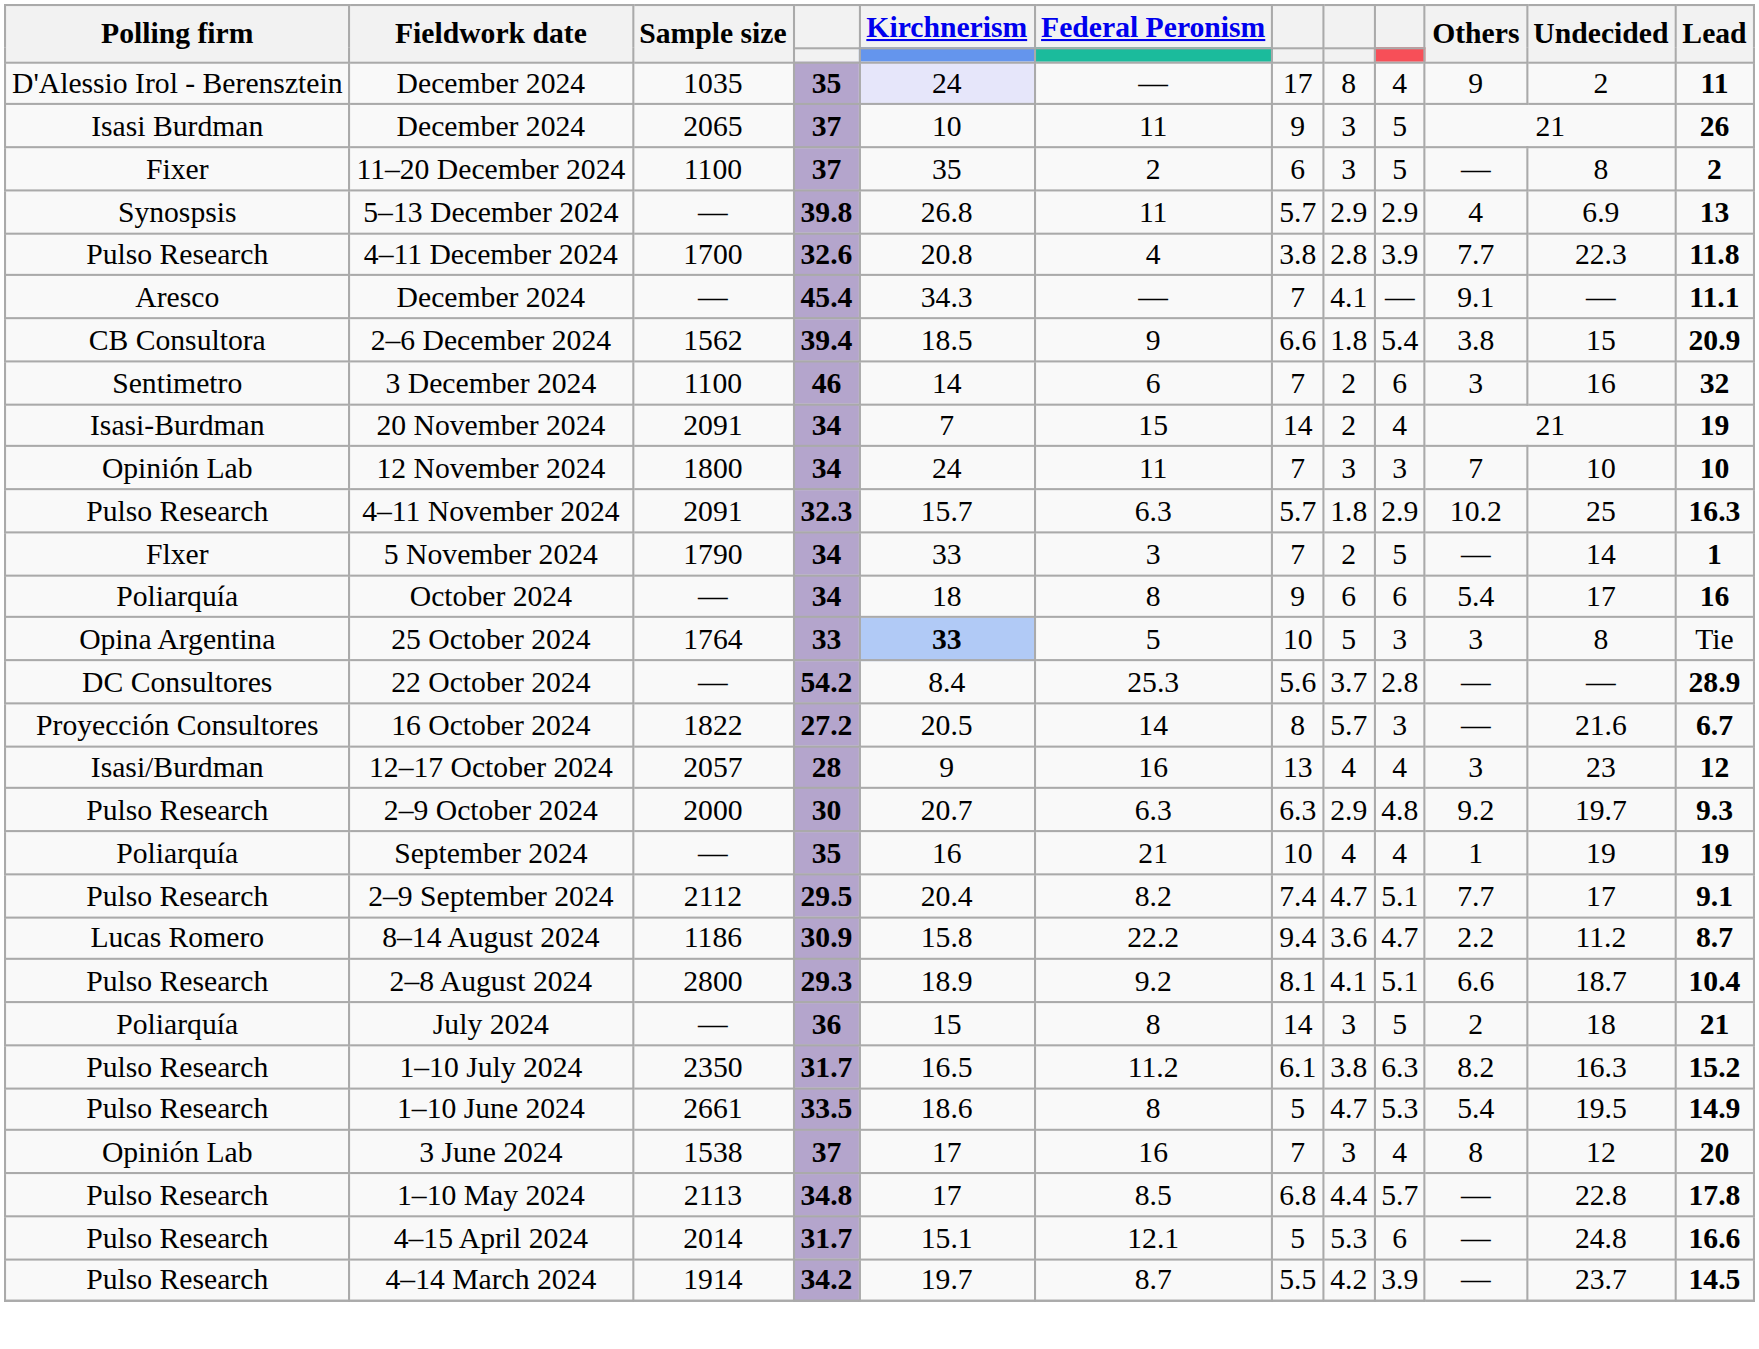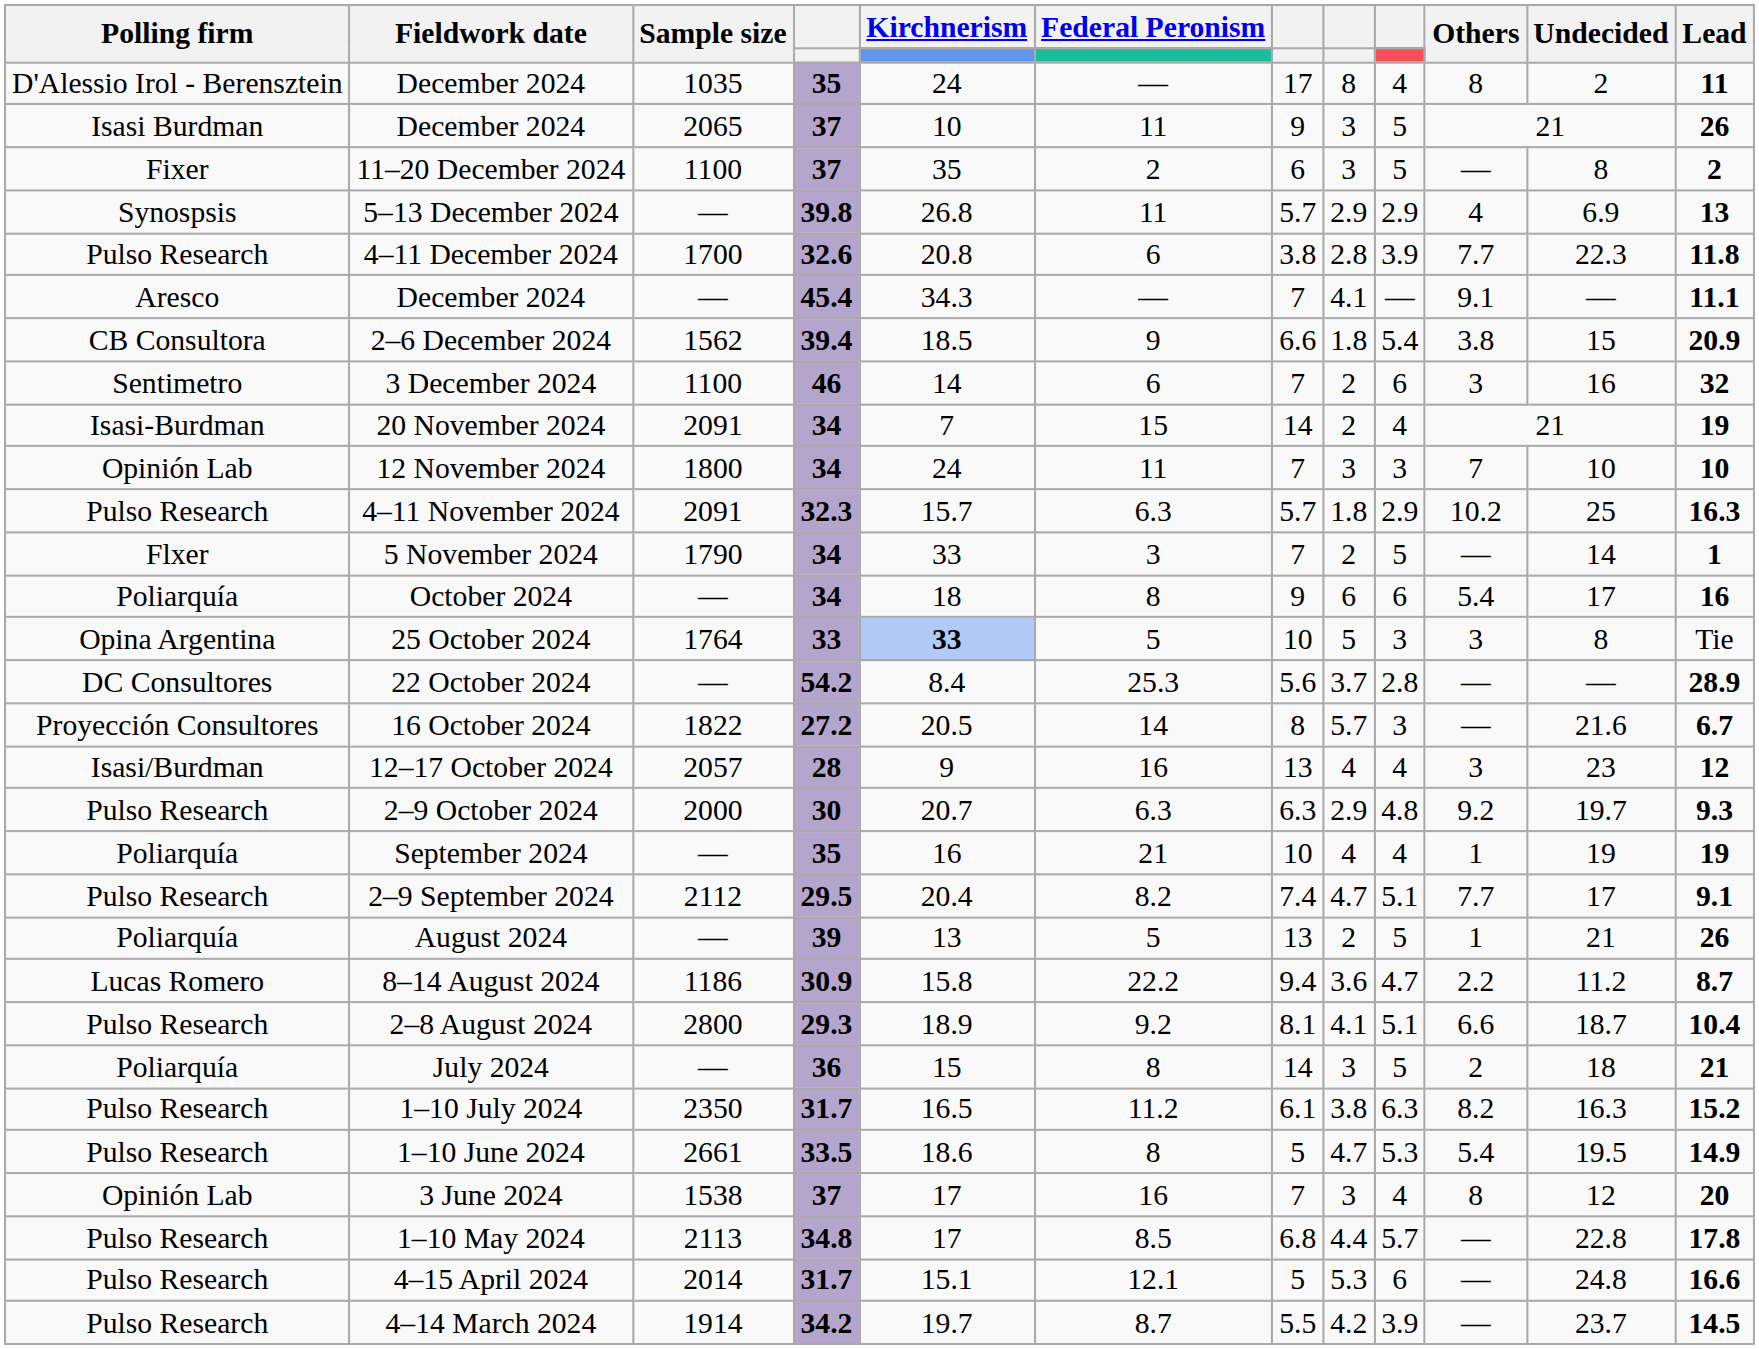 <table class="wikitable sortable" style="text-align:center;font-size:90%;line-height:14px;">
 <tr>
 <th rowspan="2">Polling firm</th>
 <th rowspan="2">Fieldwork date</th>
 <th rowspan="2">Sample size</th>
 <th></th>
 <th><a href='#'>Kirchnerism</a></th>
 <th><a href='#'>Federal Peronism</a></th>
 <th></th>
 <th></th>
 <th></th>
 <th rowspan="2" style="width:25px;">Others</th>
 <th rowspan="2">Undecided</th>
 <th rowspan="2">Lead</th>
 </tr>
 <tr>
 <th data-sort-type="number" style="background:"></th>
 <th data-sort-type="number" style="background:#6495ED;"></th>
 <th data-sort-type="number" style="background:#1bbb9c;"></th>
 <th data-sort-type="number" style="background:"></th>
 <th data-sort-type="number" style="background:"></th>
 <th data-sort-type="number" style="background:#f74f58;"></th>
 </tr>
 <tr>
 <td>D'Alessio  Irol - Berensztein</td>
 <td>December 2024</td>
 <td>1035</td>
 <td style="background:#B4A5CC;"><strong>35</strong></td>
-<td style="background: lavender;">24</td>
+<td>24</td>
 <td>—</td>
 <td>17</td>
 <td>8</td>
 <td>4</td>
-<td>9</td>
+<td>8</td>
 <td>2</td>
 <td style="background:"><strong>11</strong></td>
 </tr>
 <tr>
 <td>Isasi  Burdman</td>
 <td>December 2024</td>
 <td>2065</td>
 <td style="background:#B4A5CC;"><strong>37</strong></td>
 <td>10</td>
 <td>11</td>
 <td>9</td>
 <td>3</td>
 <td>5</td>
 <td colspan="2">21</td>
 <td style="background:"><strong>26</strong></td>
 </tr>
 <tr>
 <td>Fixer</td>
 <td>11–20 December 2024</td>
 <td>1100</td>
 <td style="background:#B4A5CC;"><strong>37</strong></td>
 <td>35</td>
 <td>2</td>
 <td>6</td>
 <td>3</td>
 <td>5</td>
 <td>—</td>
 <td>8</td>
 <td style="background:"><strong>2</strong></td>
 </tr>
 <tr>
 <td>Synospsis</td>
 <td>5–13 December 2024</td>
 <td>—</td>
 <td style="background:#B4A5CC;"><strong>39.8</strong></td>
 <td>26.8</td>
 <td>11</td>
 <td>5.7</td>
 <td>2.9</td>
 <td>2.9</td>
 <td>4</td>
 <td>6.9</td>
 <td style="background:"><strong>13</strong></td>
 </tr>
 <tr>
 <td>Pulso  Research</td>
 <td>4–11 December 2024</td>
 <td>1700</td>
 <td style="background:#B4A5CC;"><strong>32.6</strong></td>
 <td>20.8</td>
-<td>4</td>
+<td>6</td>
 <td>3.8</td>
 <td>2.8</td>
 <td>3.9</td>
 <td>7.7</td>
 <td>22.3</td>
 <td style="background:"><strong>11.8</strong></td>
 </tr>
 <tr>
 <td>Aresco</td>
 <td>December 2024</td>
 <td>—</td>
 <td style="background:#B4A5CC;"><strong>45.4</strong></td>
 <td>34.3</td>
 <td>—</td>
 <td>7</td>
 <td>4.1</td>
 <td>—</td>
 <td>9.1</td>
 <td>—</td>
 <td style="background:"><strong>11.1</strong></td>
 </tr>
 <tr>
 <td>CB  Consultora</td>
 <td>2–6 December 2024</td>
 <td>1562</td>
 <td style="background:#B4A5CC;"><strong>39.4</strong></td>
 <td>18.5</td>
 <td>9</td>
 <td>6.6</td>
 <td>1.8</td>
 <td>5.4</td>
 <td>3.8</td>
 <td>15</td>
 <td style="background:"><strong>20.9</strong></td>
 </tr>
 <tr>
 <td>Sentimetro</td>
 <td>3 December 2024</td>
 <td>1100</td>
 <td style="background:#B4A5CC;"><strong>46</strong></td>
 <td>14</td>
 <td>6</td>
 <td>7</td>
 <td>2</td>
 <td>6</td>
 <td>3</td>
 <td>16</td>
 <td style="background:"><strong>32</strong></td>
 </tr>
 <tr>
 <td>Isasi-Burdman</td>
 <td>20 November 2024</td>
 <td>2091</td>
 <td style="background:#B4A5CC;"><strong>34</strong></td>
 <td>7</td>
 <td>15</td>
 <td>14</td>
 <td>2</td>
 <td>4</td>
 <td colspan="2">21</td>
 <td style="background:"><strong>19</strong></td>
 </tr>
 <tr>
 <td>Opinión  Lab</td>
 <td>12 November 2024</td>
 <td>1800</td>
 <td style="background:#B4A5CC;"><strong>34</strong></td>
 <td>24</td>
 <td>11</td>
 <td>7</td>
 <td>3</td>
 <td>3</td>
 <td>7</td>
 <td>10</td>
 <td style="background:"><strong>10</strong></td>
 </tr>
 <tr>
 <td>Pulso  Research</td>
 <td>4–11 November 2024</td>
 <td>2091</td>
 <td style="background:#B4A5CC;"><strong>32.3</strong></td>
 <td>15.7</td>
 <td>6.3</td>
 <td>5.7</td>
 <td>1.8</td>
 <td>2.9</td>
 <td>10.2</td>
 <td>25</td>
 <td style="background:"><strong>16.3</strong></td>
 </tr>
 <tr>
 <td>Flxer</td>
 <td>5 November 2024</td>
 <td>1790</td>
 <td style="background:#B4A5CC;"><strong>34</strong></td>
 <td>33</td>
 <td>3</td>
 <td>7</td>
 <td>2</td>
 <td>5</td>
 <td>—</td>
 <td>14</td>
 <td style="background:"><strong>1</strong></td>
 </tr>
 <tr>
 <td>Poliarquía</td>
 <td>October 2024</td>
 <td>—</td>
 <td style="background:#B4A5CC;"><strong>34</strong></td>
 <td>18</td>
 <td>8</td>
 <td>9</td>
 <td>6</td>
 <td>6</td>
 <td>5.4</td>
 <td>17</td>
 <td style="background:"><strong>16</strong></td>
 </tr>
 <tr>
 <td>Opina  Argentina</td>
 <td>25 October 2024</td>
 <td>1764</td>
 <td style="background:#B4A5CC;"><strong>33</strong></td>
 <td style="background:#B1CAF6;"><strong>33</strong></td>
 <td>5</td>
 <td>10</td>
 <td>5</td>
 <td>3</td>
 <td>3</td>
 <td>8</td>
 <td>Tie</td>
 </tr>
 <tr>
 <td>DC  Consultores</td>
 <td>22 October 2024</td>
 <td>—</td>
 <td style="background:#B4A5CC;"><strong>54.2</strong></td>
 <td>8.4</td>
 <td>25.3</td>
 <td>5.6</td>
 <td>3.7</td>
 <td>2.8</td>
 <td>—</td>
 <td>—</td>
 <td style="background:"><strong>28.9</strong></td>
 </tr>
 <tr>
 <td>Proyección  Consultores</td>
 <td>16 October 2024</td>
 <td>1822</td>
 <td style="background:#B4A5CC;"><strong>27.2</strong></td>
 <td>20.5</td>
 <td>14</td>
 <td>8</td>
 <td>5.7</td>
 <td>3</td>
 <td>—</td>
 <td>21.6</td>
 <td style="background:"><strong>6.7</strong></td>
 </tr>
 <tr>
 <td>Isasi/Burdman</td>
 <td>12–17 October 2024</td>
 <td>2057</td>
 <td style="background:#B4A5CC;"><strong>28</strong></td>
 <td>9</td>
 <td>16</td>
 <td>13</td>
 <td>4</td>
 <td>4</td>
 <td>3</td>
 <td>23</td>
 <td style="background:"><strong>12</strong></td>
 </tr>
 <tr>
 <td>Pulso  Research</td>
 <td>2–9 October 2024</td>
 <td>2000</td>
 <td style="background:#B4A5CC;"><strong>30</strong></td>
 <td>20.7</td>
 <td>6.3</td>
 <td>6.3</td>
 <td>2.9</td>
 <td>4.8</td>
 <td>9.2</td>
 <td>19.7</td>
 <td style="background:"><strong>9.3</strong></td>
 </tr>
 <tr>
 <td>Poliarquía</td>
 <td>September 2024</td>
 <td>—</td>
 <td style="background:#B4A5CC;"><strong>35</strong></td>
 <td>16</td>
 <td>21</td>
 <td>10</td>
 <td>4</td>
 <td>4</td>
 <td>1</td>
 <td>19</td>
 <td style="background:"><strong>19</strong></td>
 </tr>
 <tr>
 <td>Pulso  Research</td>
 <td>2–9 September 2024</td>
 <td>2112</td>
 <td style="background:#B4A5CC;"><strong>29.5</strong></td>
 <td>20.4</td>
 <td>8.2</td>
 <td>7.4</td>
 <td>4.7</td>
 <td>5.1</td>
 <td>7.7</td>
 <td>17</td>
 <td style="background:"><strong>9.1</strong></td>
 </tr>
 <tr>
+<td>Poliarquía</td>
+<td>August 2024</td>
+<td>—</td>
+<td style="background:#B4A5CC;"><strong>39</strong></td>
+<td>13</td>
+<td>5</td>
+<td>13</td>
+<td>2</td>
+<td>5</td>
+<td>1</td>
+<td>21</td>
+<td style="background:"><strong>26</strong></td>
+</tr>
+<tr>
 <td>Lucas  Romero</td>
 <td>8–14 August 2024</td>
 <td>1186</td>
 <td style="background:#B4A5CC;"><strong>30.9</strong></td>
 <td>15.8</td>
 <td>22.2</td>
 <td>9.4</td>
 <td>3.6</td>
 <td>4.7</td>
 <td>2.2</td>
 <td>11.2</td>
 <td style="background:"><strong>8.7</strong></td>
 </tr>
 <tr>
 <td>Pulso  Research</td>
 <td>2–8 August 2024</td>
 <td>2800</td>
 <td style="background:#B4A5CC;"><strong>29.3</strong></td>
 <td>18.9</td>
 <td>9.2</td>
 <td>8.1</td>
 <td>4.1</td>
 <td>5.1</td>
 <td>6.6</td>
 <td>18.7</td>
 <td style="background:"><strong>10.4</strong></td>
 </tr>
 <tr>
 <td>Poliarquía</td>
 <td>July 2024</td>
 <td>—</td>
 <td style="background:#B4A5CC;"><strong>36</strong></td>
 <td>15</td>
 <td>8</td>
 <td>14</td>
 <td>3</td>
 <td>5</td>
 <td>2</td>
 <td>18</td>
 <td style="background:"><strong>21</strong></td>
 </tr>
 <tr>
 <td>Pulso  Research</td>
 <td>1–10 July 2024</td>
 <td>2350</td>
 <td style="background:#B4A5CC;"><strong>31.7</strong></td>
 <td>16.5</td>
 <td>11.2</td>
 <td>6.1</td>
 <td>3.8</td>
 <td>6.3</td>
 <td>8.2</td>
 <td>16.3</td>
 <td style="background:"><strong>15.2</strong></td>
 </tr>
 <tr>
 <td>Pulso  Research</td>
 <td>1–10 June 2024</td>
 <td>2661</td>
 <td style="background:#B4A5CC;"><strong>33.5</strong></td>
 <td>18.6</td>
 <td>8</td>
 <td>5</td>
 <td>4.7</td>
 <td>5.3</td>
 <td>5.4</td>
 <td>19.5</td>
 <td style="background:"><strong>14.9</strong></td>
 </tr>
 <tr>
 <td>Opinión  Lab</td>
 <td>3 June 2024</td>
 <td>1538</td>
 <td style="background:#B4A5CC;"><strong>37</strong></td>
 <td>17</td>
 <td>16</td>
 <td>7</td>
 <td>3</td>
 <td>4</td>
 <td>8</td>
 <td>12</td>
 <td style="background:"><strong>20</strong></td>
 </tr>
 <tr>
 <td>Pulso  Research</td>
 <td>1–10 May 2024</td>
 <td>2113</td>
 <td style="background:#B4A5CC;"><strong>34.8</strong></td>
 <td>17</td>
 <td>8.5</td>
 <td>6.8</td>
 <td>4.4</td>
 <td>5.7</td>
 <td>—</td>
 <td>22.8</td>
 <td style="background:"><strong>17.8</strong></td>
 </tr>
 <tr>
 <td>Pulso  Research</td>
 <td>4–15 April 2024</td>
 <td>2014</td>
 <td style="background:#B4A5CC;"><strong>31.7</strong></td>
 <td>15.1</td>
 <td>12.1</td>
 <td>5</td>
 <td>5.3</td>
 <td>6</td>
 <td>—</td>
 <td>24.8</td>
 <td style="background:"><strong>16.6</strong></td>
 </tr>
 <tr>
 <td>Pulso  Research</td>
 <td>4–14 March 2024</td>
 <td>1914</td>
 <td style="background:#B4A5CC;"><strong>34.2</strong></td>
 <td>19.7</td>
 <td>8.7</td>
 <td>5.5</td>
 <td>4.2</td>
 <td>3.9</td>
 <td>—</td>
 <td>23.7</td>
 <td style="background:"><strong>14.5</strong></td>
 </tr>
 <tr>
 </tr>
 </table>
